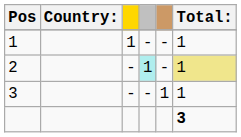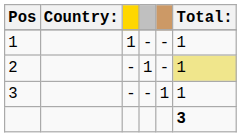 <table class="wikitable">
 <tr>
 <th>Pos</th>
 <th>Country:</th>
 <th style="background-color:gold"></th>
 <th style="background-color:silver"></th>
 <th style="background-color:#CC9966"></th>
 <th>Total:</th>
 </tr>
 <tr>
 </tr>
 <tr>
 <td>1</td>
 <td></td>
 <td>1</td>
 <td>-</td>
 <td>-</td>
 <td>1</td>
 </tr>
 <tr>
 <td>2</td>
 <td></td>
 <td>-</td>
-<td style="background: paleturquoise;">1</td>
+<td>1</td>
 <td>-</td>
 <td style="background: khaki;">1</td>
 </tr>
 <tr>
 <td>3</td>
 <td></td>
 <td>-</td>
 <td>-</td>
 <td>1</td>
 <td>1</td>
 </tr>
 <tr>
 <td></td>
 <td></td>
 <td><strong> </strong></td>
 <td><strong> </strong></td>
 <td><strong> </strong></td>
 <td><strong>3</strong></td>
 </tr>
 </table>
